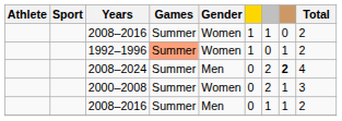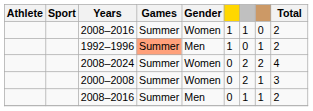 <table class="wikitable sortable" style="font-size:90%;">
 <tr>
 <th>Athlete</th>
 <th>Sport</th>
 <th>Years</th>
 <th>Games</th>
 <th>Gender</th>
 <th style="background-color:gold; width:1.0em; font-weight:bold;"></th>
 <th style="background-color:silver; width:1.0em; font-weight:bold;"></th>
 <th style="background-color:#cc9966; width:1.0em; font-weight:bold;"></th>
 <th style="width:3.0em;">Total</th>
 </tr>
 <tr>
 <td></td>
 <td></td>
 <td>2008–2016</td>
 <td>Summer</td>
 <td>Women</td>
 <td>1</td>
 <td>1</td>
 <td>0</td>
 <td>2</td>
 </tr>
 <tr>
 <td></td>
 <td></td>
 <td>1992–1996</td>
 <td style="background: lightsalmon;">Summer</td>
-<td>Women</td>
+<td>Men</td>
 <td>1</td>
 <td>0</td>
 <td>1</td>
 <td>2</td>
 </tr>
 <tr>
 <td><strong></strong></td>
 <td></td>
 <td>2008–2024</td>
 <td>Summer</td>
-<td>Men</td>
+<td>Women</td>
 <td>0</td>
 <td>2</td>
-<td><strong>2</strong></td>
+<td>2</td>
 <td>4</td>
 </tr>
 <tr>
 <td></td>
 <td></td>
 <td>2000–2008</td>
 <td>Summer</td>
 <td>Women</td>
 <td>0</td>
 <td>2</td>
 <td>1</td>
 <td>3</td>
 </tr>
 <tr>
 <td></td>
 <td></td>
 <td>2008–2016</td>
 <td>Summer</td>
 <td>Men</td>
 <td>0</td>
 <td>1</td>
 <td>1</td>
 <td>2</td>
 </tr>
 <tr>
 </tr>
 </table>
